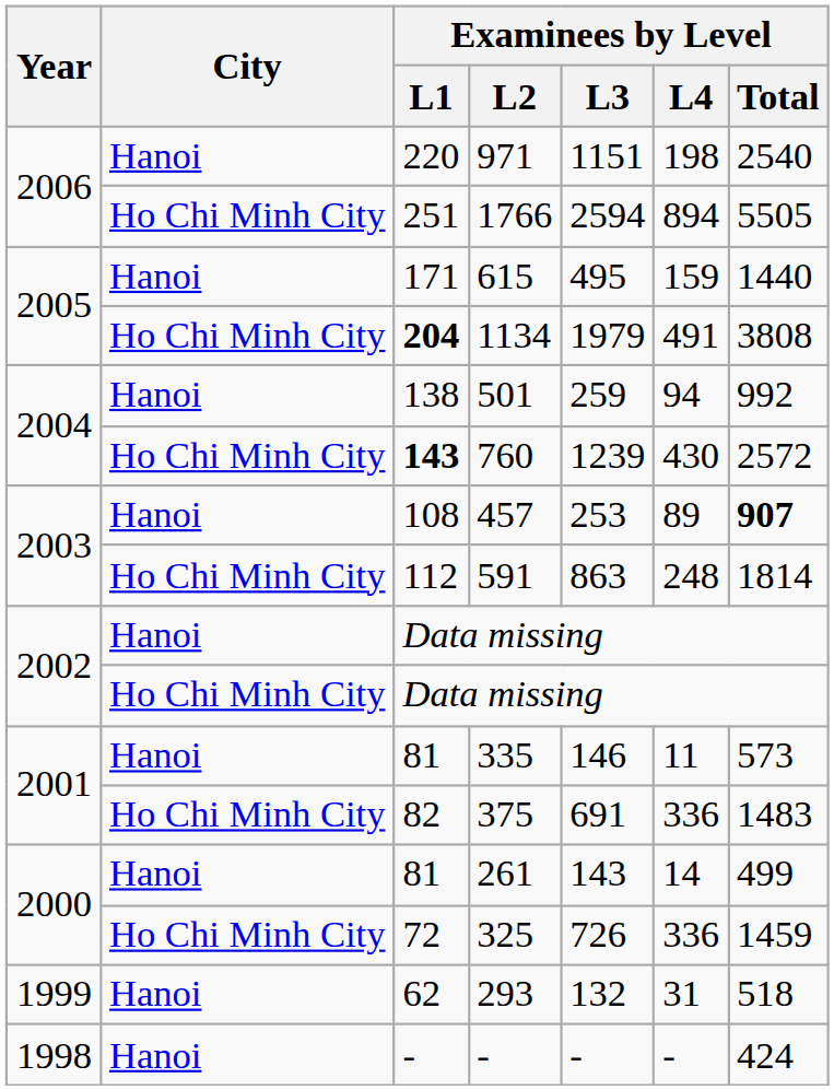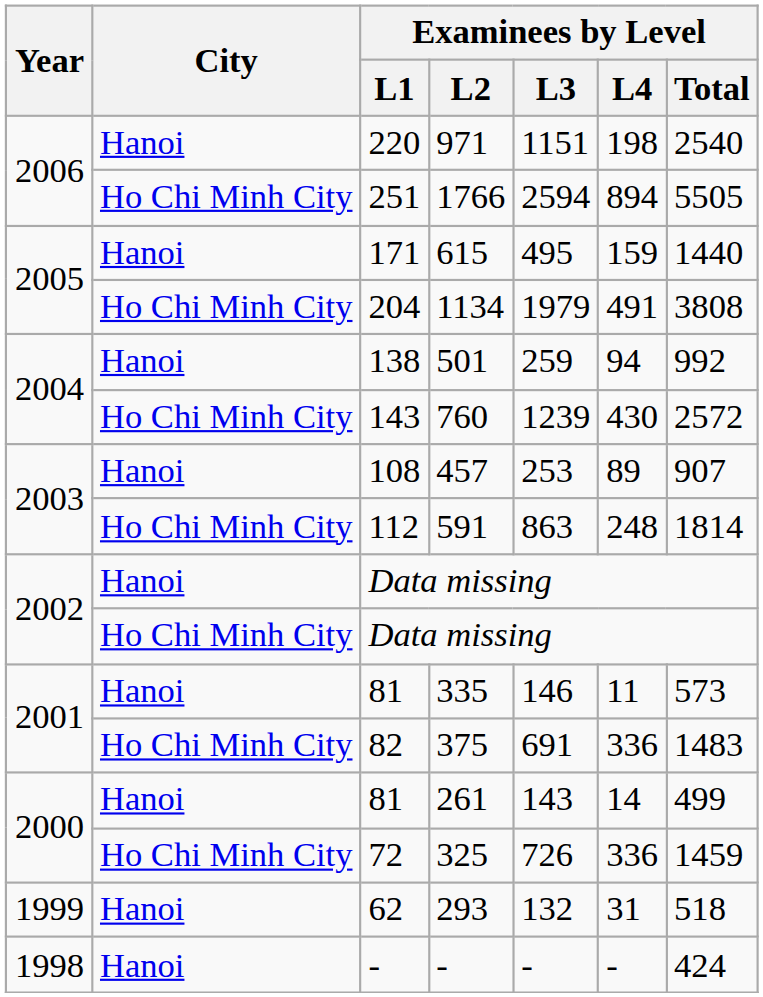 <table class="wikitable" align="right">
 <tr>
 <th rowspan=2>Year</th>
 <th rowspan=2>City</th>
 <th colspan=5>Examinees by Level</th>
 </tr>
 <tr>
 <th>L1</th>
 <th>L2</th>
 <th>L3</th>
 <th>L4</th>
 <th>Total</th>
 </tr>
 <tr>
 <td rowspan=2>2006</td>
 <td><a href='#'>Hanoi</a></td>
 <td>220</td>
 <td>971</td>
 <td>1151</td>
 <td>198</td>
 <td>2540</td>
 </tr>
 <tr>
 <td><a href='#'>Ho Chi Minh City</a></td>
 <td>251</td>
 <td>1766</td>
 <td>2594</td>
 <td>894</td>
 <td>5505</td>
 </tr>
 <tr>
 <td rowspan=2>2005</td>
 <td><a href='#'>Hanoi</a></td>
 <td>171</td>
 <td>615</td>
 <td>495</td>
 <td>159</td>
 <td>1440</td>
 </tr>
 <tr>
 <td><a href='#'>Ho Chi Minh City</a></td>
-<td><strong>204</strong></td>
+<td>204</td>
 <td>1134</td>
 <td>1979</td>
 <td>491</td>
 <td>3808</td>
 </tr>
 <tr>
 <td rowspan=2>2004</td>
 <td><a href='#'>Hanoi</a></td>
 <td>138</td>
 <td>501</td>
 <td>259</td>
 <td>94</td>
 <td>992</td>
 </tr>
 <tr>
 <td><a href='#'>Ho Chi Minh City</a></td>
-<td><strong>143</strong></td>
+<td>143</td>
 <td>760</td>
 <td>1239</td>
 <td>430</td>
 <td>2572</td>
 </tr>
 <tr>
 <td rowspan=2>2003</td>
 <td><a href='#'>Hanoi</a></td>
 <td>108</td>
 <td>457</td>
 <td>253</td>
 <td>89</td>
-<td><strong>907</strong></td>
+<td>907</td>
 </tr>
 <tr>
 <td><a href='#'>Ho Chi Minh City</a></td>
 <td>112</td>
 <td>591</td>
 <td>863</td>
 <td>248</td>
 <td>1814</td>
 </tr>
 <tr>
 <td rowspan=2>2002</td>
 <td><a href='#'>Hanoi</a></td>
 <td colspan=5><em>Data missing</em></td>
 </tr>
 <tr>
 <td><a href='#'>Ho Chi Minh City</a></td>
 <td colspan=5><em>Data missing</em></td>
 </tr>
 <tr>
 <td rowspan=2>2001</td>
 <td><a href='#'>Hanoi</a></td>
 <td>81</td>
 <td>335</td>
 <td>146</td>
 <td>11</td>
 <td>573</td>
 </tr>
 <tr>
 <td><a href='#'>Ho Chi Minh City</a></td>
 <td>82</td>
 <td>375</td>
 <td>691</td>
 <td>336</td>
 <td>1483</td>
 </tr>
 <tr>
 <td rowspan=2>2000</td>
 <td><a href='#'>Hanoi</a></td>
 <td>81</td>
 <td>261</td>
 <td>143</td>
 <td>14</td>
 <td>499</td>
 </tr>
 <tr>
 <td><a href='#'>Ho Chi Minh City</a></td>
 <td>72</td>
 <td>325</td>
 <td>726</td>
 <td>336</td>
 <td>1459</td>
 </tr>
 <tr>
 <td>1999</td>
 <td><a href='#'>Hanoi</a></td>
 <td>62</td>
 <td>293</td>
 <td>132</td>
 <td>31</td>
 <td>518</td>
 </tr>
 <tr>
 <td>1998</td>
 <td><a href='#'>Hanoi</a></td>
 <td>-</td>
 <td>-</td>
 <td>-</td>
 <td>-</td>
 <td>424</td>
 </tr>
 <tr>
 </tr>
 </table>
